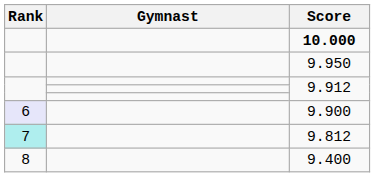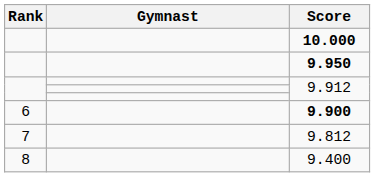 <table class="wikitable" style="text-align:center">
 <tr>
 <th>Rank</th>
 <th style="width:16em">Gymnast</th>
 <th style="width:5em">Score</th>
 </tr>
 <tr>
 <td></td>
 <td align=left></td>
 <td><strong>10.000</strong></td>
 </tr>
 <tr>
 <td></td>
 <td align=left></td>
-<td>9.950</td>
+<td><strong>9.950</strong></td>
 </tr>
 <tr>
 <td rowspan=3></td>
 <td align=left></td>
 <td rowspan=3>9.912</td>
 </tr>
 <tr>
 <td align=left></td>
 </tr>
 <tr>
 <td align=left></td>
 </tr>
 <tr>
-<td style="background: lavender;">6</td>
+<td>6</td>
 <td align=left></td>
-<td>9.900</td>
+<td><strong>9.900</strong></td>
 </tr>
 <tr>
-<td style="background: paleturquoise;">7</td>
+<td>7</td>
 <td align=left></td>
 <td>9.812</td>
 </tr>
 <tr>
 <td>8</td>
 <td align=left></td>
 <td>9.400</td>
 </tr>
 </table>
